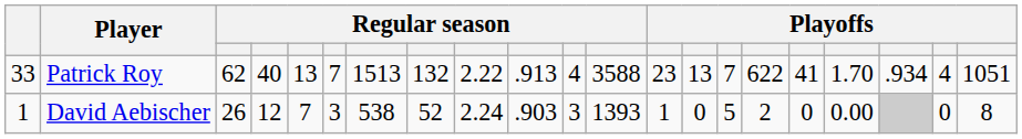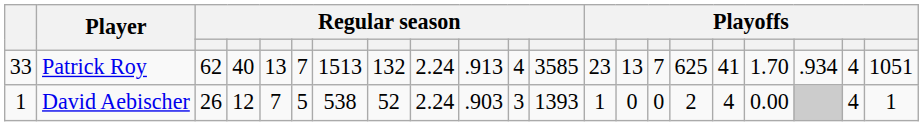 <table class="wikitable plainrowheaders" style="text-align:center;">
 <tr>
 <th scope="col" rowspan="2"></th>
 <th scope="col" rowspan="2">Player</th>
 <th scope=colgroup colspan=10>Regular season</th>
 <th scope=colgroup colspan=9>Playoffs</th>
 </tr>
 <tr>
 <th scope="col"></th>
 <th scope="col"></th>
 <th scope="col"></th>
 <th scope="col"></th>
 <th scope="col"></th>
 <th scope="col"></th>
 <th scope="col"></th>
 <th scope="col"></th>
 <th scope="col"></th>
 <th scope="col"></th>
 <th scope="col"></th>
 <th scope="col"></th>
 <th scope="col"></th>
 <th scope="col"></th>
 <th scope="col"></th>
 <th scope="col"></th>
 <th scope="col"></th>
 <th scope="col"></th>
 <th scope="col"></th>
 </tr>
 <tr>
 <td scope="row">33</td>
 <td align="left"><a href='#'>Patrick Roy</a></td>
 <td>62</td>
 <td>40</td>
 <td>13</td>
 <td>7</td>
 <td>1513</td>
 <td>132</td>
-<td>2.22</td>
+<td>2.24</td>
 <td>.913</td>
 <td>4</td>
-<td>3588</td>
+<td>3585</td>
 <td>23</td>
 <td>13</td>
 <td>7</td>
-<td>622</td>
+<td>625</td>
 <td>41</td>
 <td>1.70</td>
 <td>.934</td>
 <td>4</td>
 <td>1051</td>
 </tr>
 <tr>
 <td scope="row">1</td>
 <td align="left"><a href='#'>David Aebischer</a></td>
 <td>26</td>
 <td>12</td>
 <td>7</td>
-<td>3</td>
+<td>5</td>
 <td>538</td>
 <td>52</td>
 <td>2.24</td>
 <td>.903</td>
 <td>3</td>
 <td>1393</td>
 <td>1</td>
 <td>0</td>
-<td>5</td>
+<td>0</td>
 <td>2</td>
-<td>0</td>
+<td>4</td>
 <td>0.00</td>
 <td style="background:#ccc"></td>
-<td>0</td>
-<td>8</td>
+<td>4</td>
+<td>1</td>
 </tr>
 </table>
